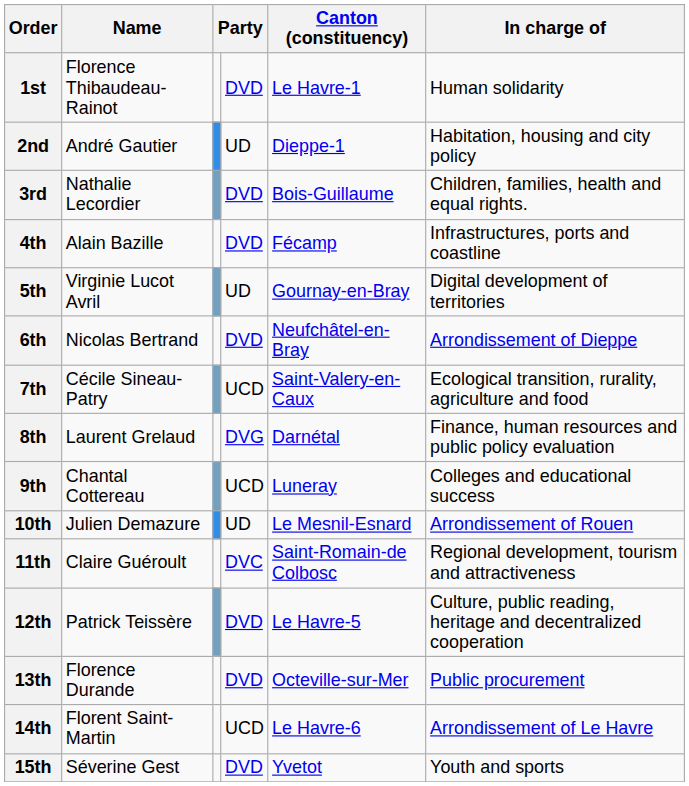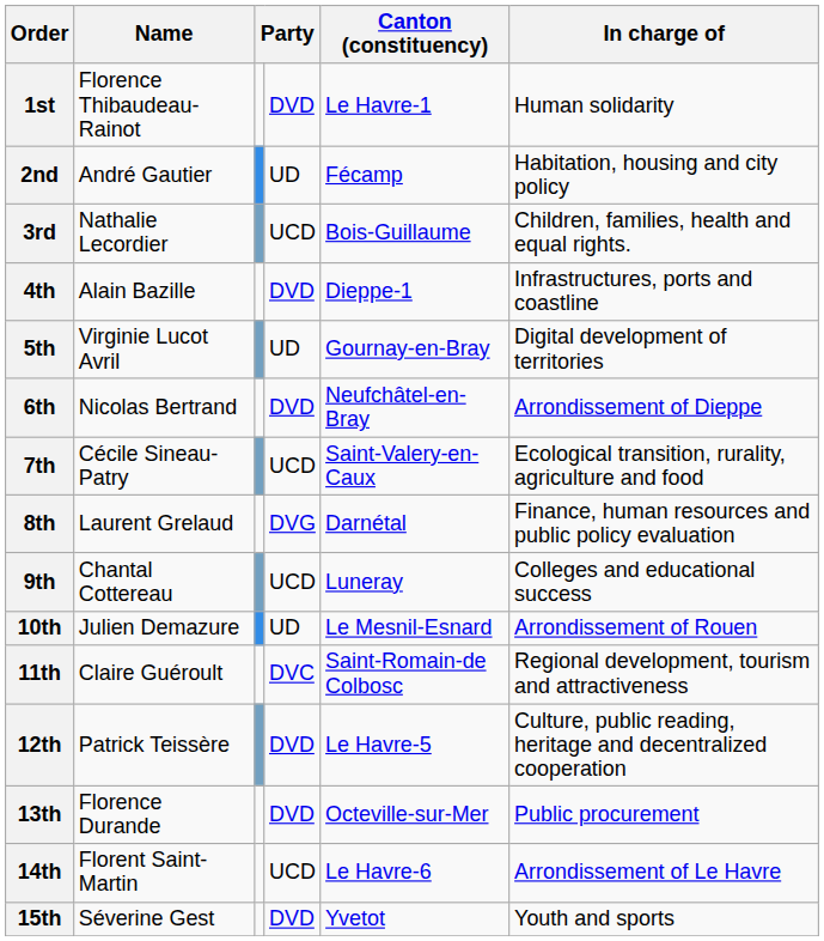 <table class="wikitable sortable">
 <tr>
 <th>Order</th>
 <th>Name</th>
 <th colspan="2">Party</th>
 <th><a href='#'>Canton</a> (constituency)</th>
 <th>In charge of</th>
 </tr>
 <tr>
 <th>1st</th>
 <td>Florence Thibaudeau-Rainot</td>
 <td style="color:inherit;background:"></td>
 <td><a href='#'>DVD</a></td>
 <td><a href='#'>Le Havre-1</a></td>
 <td>Human solidarity</td>
 </tr>
 <tr>
 <th>2nd</th>
 <td>André Gautier</td>
 <td style="color:inherit;background:#318CE7"></td>
 <td>UD</td>
-<td><a href='#'>Dieppe-1</a></td>
+<td><a href='#'>Fécamp</a></td>
 <td>Habitation, housing and city policy</td>
 </tr>
 <tr>
 <th>3rd</th>
 <td>Nathalie Lecordier</td>
 <td style="color:inherit;background:#72A0C1"></td>
-<td><a href='#'>DVD</a></td>
+<td>UCD</td>
 <td><a href='#'>Bois-Guillaume</a></td>
 <td>Children, families, health and equal rights.</td>
 </tr>
 <tr>
 <th>4th</th>
 <td>Alain Bazille</td>
 <td style="color:inherit;background:"></td>
 <td><a href='#'>DVD</a></td>
-<td><a href='#'>Fécamp</a></td>
+<td><a href='#'>Dieppe-1</a></td>
 <td>Infrastructures, ports and coastline</td>
 </tr>
 <tr>
 <th>5th</th>
 <td>Virginie Lucot Avril</td>
 <td style="color:inherit;background:#72A0C1"></td>
 <td>UD</td>
 <td><a href='#'>Gournay-en-Bray</a></td>
 <td>Digital development of territories</td>
 </tr>
 <tr>
 <th>6th</th>
 <td>Nicolas Bertrand</td>
 <td style="color:inherit;background:"></td>
 <td><a href='#'>DVD</a></td>
 <td><a href='#'>Neufchâtel-en-Bray</a></td>
 <td><a href='#'>Arrondissement of Dieppe</a></td>
 </tr>
 <tr>
 <th>7th</th>
 <td>Cécile Sineau-Patry</td>
 <td style="color:inherit;background:#72A0C1"></td>
 <td>UCD</td>
 <td><a href='#'>Saint-Valery-en-Caux</a></td>
 <td>Ecological transition, rurality, agriculture and food</td>
 </tr>
 <tr>
 <th>8th</th>
 <td>Laurent Grelaud</td>
 <td style="color:inherit;background:"></td>
 <td><a href='#'>DVG</a></td>
 <td><a href='#'>Darnétal</a></td>
 <td>Finance, human resources and public policy evaluation</td>
 </tr>
 <tr>
 <th>9th</th>
 <td>Chantal Cottereau</td>
 <td style="color:inherit;background:#72A0C1"></td>
 <td>UCD</td>
 <td><a href='#'>Luneray</a></td>
 <td>Colleges and educational success</td>
 </tr>
 <tr>
 <th>10th</th>
 <td>Julien Demazure</td>
 <td style="color:inherit;background:#318CE7"></td>
 <td>UD</td>
 <td><a href='#'>Le Mesnil-Esnard</a></td>
 <td><a href='#'>Arrondissement of Rouen</a></td>
 </tr>
 <tr>
 <th>11th</th>
 <td>Claire Guéroult</td>
 <td style="color:inherit;background:"></td>
 <td><a href='#'>DVC</a></td>
 <td><a href='#'>Saint-Romain-de Colbosc</a></td>
 <td>Regional development, tourism and attractiveness</td>
 </tr>
 <tr>
 <th>12th</th>
 <td>Patrick Teissère</td>
 <td style="color:inherit;background:#72A0C1"></td>
 <td><a href='#'>DVD</a></td>
 <td><a href='#'>Le Havre-5</a></td>
 <td>Culture, public reading, heritage and decentralized cooperation</td>
 </tr>
 <tr>
 <th>13th</th>
 <td>Florence Durande</td>
 <td style="color:inherit;background:"></td>
 <td><a href='#'>DVD</a></td>
 <td><a href='#'>Octeville-sur-Mer</a></td>
 <td><a href='#'>Public procurement</a></td>
 </tr>
 <tr>
 <th>14th</th>
 <td>Florent Saint-Martin</td>
 <td style="color:inherit;background:"></td>
 <td>UCD</td>
 <td><a href='#'>Le Havre-6</a></td>
 <td><a href='#'>Arrondissement of Le Havre</a></td>
 </tr>
 <tr>
 <th>15th</th>
 <td>Séverine Gest</td>
 <td style="color:inherit;background:"></td>
 <td><a href='#'>DVD</a></td>
 <td><a href='#'>Yvetot</a></td>
 <td>Youth and sports</td>
 </tr>
 </table>
